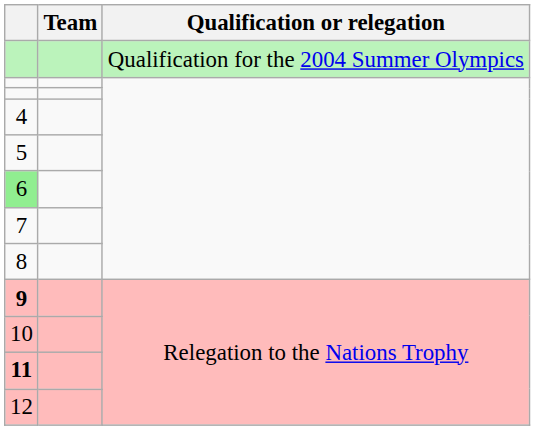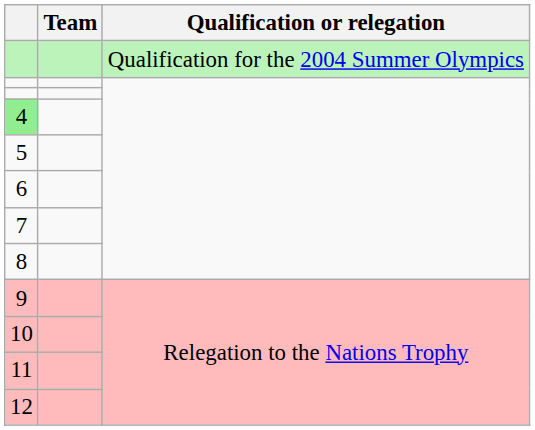 <table class="wikitable" style="text-align: center;">
 <tr>
 <th></th>
 <th>Team</th>
 <th>Qualification or relegation</th>
 </tr>
 <tr bgcolor=bbf3bb>
 <td></td>
 <td align=left></td>
 <td>Qualification for the <a href='#'>2004 Summer Olympics</a></td>
 </tr>
 <tr>
 <td></td>
 <td align=left></td>
 <td rowspan=7></td>
 </tr>
 <tr>
 <td></td>
 <td align=left></td>
 </tr>
 <tr>
-<td>4</td>
+<td style="background: lightgreen;">4</td>
 <td align=left></td>
 </tr>
 <tr>
 <td>5</td>
 <td align=left></td>
 </tr>
 <tr>
-<td style="background: lightgreen;">6</td>
+<td>6</td>
 <td align=left></td>
 </tr>
 <tr>
 <td>7</td>
 <td align=left></td>
 </tr>
 <tr>
 <td>8</td>
 <td align=left></td>
 </tr>
 <tr bgcolor=ffbbbb>
-<td><strong>9</strong></td>
+<td>9</td>
 <td align=left></td>
 <td rowspan=4>Relegation to the <a href='#'>Nations Trophy</a></td>
 </tr>
 <tr bgcolor=ffbbbb>
 <td>10</td>
 <td align=left></td>
 </tr>
 <tr bgcolor=ffbbbb>
-<td><strong>11</strong></td>
+<td>11</td>
 <td align=left></td>
 </tr>
 <tr bgcolor=ffbbbb>
 <td>12</td>
 <td align=left></td>
 </tr>
 </table>
